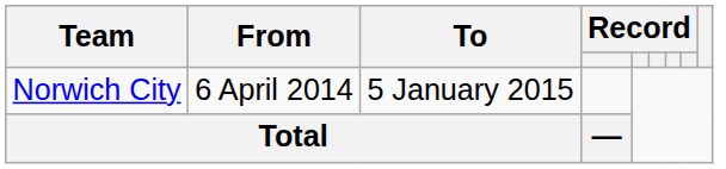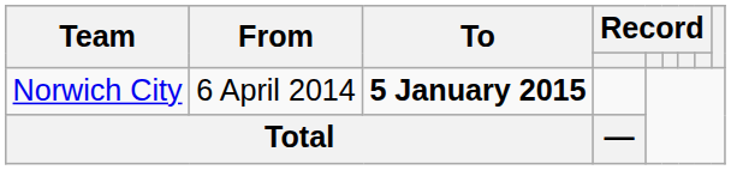 <table class=wikitable style="text-align: center">
 <tr>
 <th rowspan=2>Team</th>
 <th rowspan=2>From</th>
 <th rowspan=2>To</th>
 <th colspan=5>Record</th>
 <th rowspan=2></th>
 </tr>
 <tr>
 <th></th>
 <th></th>
 <th></th>
 <th></th>
 <th></th>
 </tr>
 <tr>
 <td align=left><a href='#'>Norwich City</a></td>
 <td align=left>6 April 2014</td>
-<td align=left>5 January 2015<br></td>
+<td align=left><strong>5 January 2015<br></strong></td>
 <td></td>
 </tr>
 <tr>
 <th colspan=3>Total<br></th>
 <th>—</th>
 </tr>
 </table>
